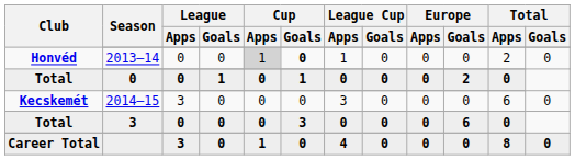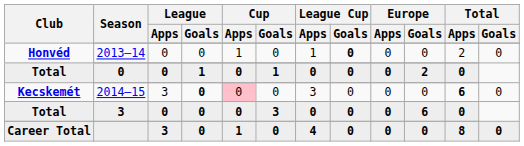 <table class="wikitable" style="font-size:90%; text-align: center;">
 <tr>
 <th rowspan="2">Club</th>
 <th rowspan="2">Season</th>
 <th colspan="2">League</th>
 <th colspan="2">Cup</th>
 <th colspan="2">League Cup</th>
 <th colspan="2">Europe</th>
 <th colspan="2">Total</th>
 </tr>
 <tr>
 <th>Apps</th>
 <th>Goals</th>
 <th>Apps</th>
 <th>Goals</th>
 <th>Apps</th>
 <th>Goals</th>
 <th>Apps</th>
 <th>Goals</th>
 <th>Apps</th>
 <th>Goals</th>
 </tr>
 <tr ||-||-||-|->
 <td rowspan="3" valign="center"><strong><a href='#'>Honvéd</a></strong></td>
 </tr>
 <tr>
 <td><a href='#'>2013–14</a></td>
 <td>0</td>
 <td>0</td>
-<td style="background: lightgrey;">1</td>
-<td><strong>0</strong></td>
 <td>1</td>
 <td>0</td>
+<td>1</td>
+<td><strong>0</strong></td>
 <td>0</td>
 <td>0</td>
 <td>2</td>
 <td>0</td>
 </tr>
 <tr>
 </tr>
 <tr style="font-weight:bold; background-color:#eeeeee;">
 <td>Total</td>
 <td>0</td>
 <td>0</td>
 <td>1</td>
 <td>0</td>
 <td>1</td>
 <td>0</td>
 <td>0</td>
 <td>0</td>
 <td>2</td>
 <td>0</td>
 </tr>
 <tr>
 <td rowspan="3" valign="center"><strong><a href='#'>Kecskemét</a></strong></td>
 </tr>
 <tr>
 <td><a href='#'>2014–15</a></td>
 <td>3</td>
-<td>0</td>
-<td>0</td>
+<td><strong>0</strong></td>
+<td style="background: pink;">0</td>
 <td>0</td>
 <td>3</td>
 <td>0</td>
 <td>0</td>
 <td>0</td>
-<td>6</td>
+<td><strong>6</strong></td>
 <td>0</td>
 </tr>
 <tr>
 </tr>
 <tr style="font-weight:bold; background-color:#eeeeee;">
 <td>Total</td>
 <td>3</td>
 <td>0</td>
 <td>0</td>
 <td>0</td>
 <td>3</td>
 <td>0</td>
 <td>0</td>
 <td>0</td>
 <td>6</td>
 <td>0</td>
 </tr>
 <tr>
 </tr>
 <tr style="font-weight:bold; background-color:#eeeeee;">
 <td rowspan="2" valign="top"><strong>Career Total</strong></td>
 <td></td>
 <td><strong>3</strong></td>
 <td><strong>0</strong></td>
 <td><strong>1</strong></td>
 <td><strong>0</strong></td>
 <td><strong>4</strong></td>
 <td><strong>0</strong></td>
 <td><strong>0</strong></td>
 <td><strong>0</strong></td>
 <td><strong>8</strong></td>
 <td><strong>0</strong></td>
 </tr>
 </table>
